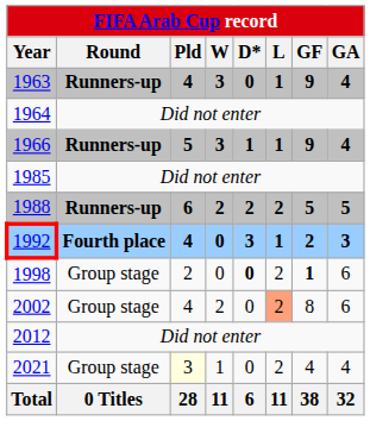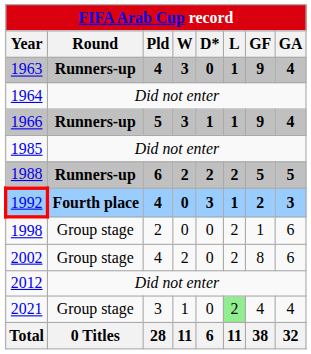 <table class="wikitable" style="text-align: center;font-size:90%;">
 <tr>
 <th colspan=9 style="background: #db000d; color: #FFFFFF;"><a href='#'>FIFA Arab Cup</a> record</th>
 </tr>
 <tr>
 <th>Year</th>
 <th>Round</th>
 <th>Pld</th>
 <th>W</th>
 <th>D*</th>
 <th>L</th>
 <th>GF</th>
 <th>GA</th>
 </tr>
 <tr bgcolor=silver>
 <td> <a href='#'>1963</a></td>
 <td><strong>Runners-up</strong></td>
 <td><strong>4</strong></td>
 <td><strong>3</strong></td>
 <td><strong>0</strong></td>
 <td><strong>1</strong></td>
 <td><strong>9</strong></td>
 <td><strong>4</strong></td>
 </tr>
 <tr>
 <td> <a href='#'>1964</a></td>
 <td colspan=7><em>Did not enter</em></td>
 </tr>
 <tr bgcolor=silver>
 <td> <a href='#'>1966</a></td>
 <td><strong>Runners-up</strong></td>
 <td><strong>5</strong></td>
 <td><strong>3</strong></td>
 <td><strong>1</strong></td>
 <td><strong>1</strong></td>
 <td><strong>9</strong></td>
 <td><strong>4</strong></td>
 </tr>
 <tr>
 <td> <a href='#'>1985</a></td>
 <td colspan=7><em>Did not enter</em></td>
 </tr>
 <tr bgcolor=silver>
 <td> <a href='#'>1988</a></td>
 <td><strong>Runners-up</strong></td>
 <td><strong>6</strong></td>
 <td><strong>2</strong></td>
 <td><strong>2</strong></td>
 <td><strong>2</strong></td>
 <td><strong>5</strong></td>
 <td><strong>5</strong></td>
 </tr>
 <tr style="background:#9acdff;">
 <td style="border: 3px solid red"> <a href='#'>1992</a></td>
 <td><strong>Fourth place</strong></td>
 <td><strong>4</strong></td>
 <td><strong>0</strong></td>
 <td><strong>3</strong></td>
 <td><strong>1</strong></td>
 <td><strong>2</strong></td>
 <td><strong>3</strong></td>
 </tr>
 <tr>
 <td> <a href='#'>1998</a></td>
 <td>Group stage</td>
 <td>2</td>
 <td>0</td>
-<td><strong>0</strong></td>
+<td>0</td>
 <td>2</td>
-<td><strong>1</strong></td>
+<td>1</td>
 <td>6</td>
 </tr>
 <tr>
 <td> <a href='#'>2002</a></td>
 <td>Group stage</td>
 <td>4</td>
 <td>2</td>
 <td>0</td>
-<td style="background: lightsalmon;">2</td>
+<td>2</td>
 <td>8</td>
 <td>6</td>
 </tr>
 <tr>
 <td> <a href='#'>2012</a></td>
 <td colspan=7><em>Did not enter</em></td>
 </tr>
 <tr>
 <td> <a href='#'>2021</a></td>
 <td>Group stage</td>
-<td style="background: lightyellow;">3</td>
+<td>3</td>
 <td>1</td>
 <td>0</td>
-<td>2</td>
+<td style="background: lightgreen;">2</td>
 <td>4</td>
 <td>4</td>
 </tr>
 <tr>
 <th><strong>Total</strong></th>
 <th><strong>0 Titles</strong></th>
 <th><strong>28</strong></th>
 <th><strong>11</strong></th>
 <th><strong>6</strong></th>
 <th><strong>11</strong></th>
 <th><strong>38</strong></th>
 <th><strong>32</strong></th>
 </tr>
 </table>
